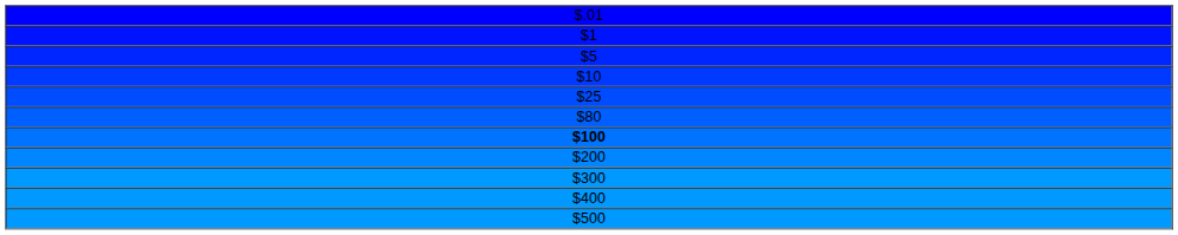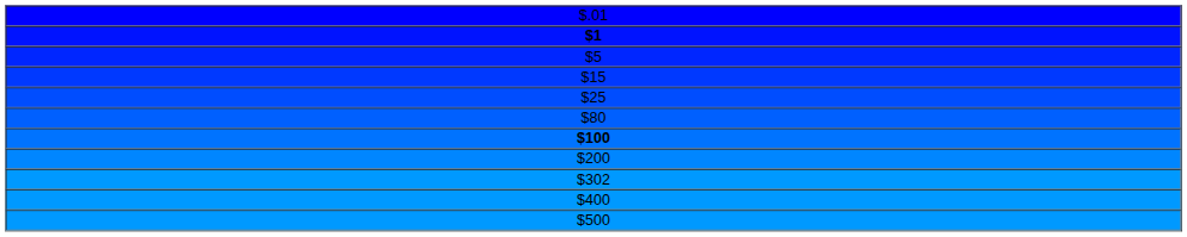 <table border=1 cellspacing=0 cellpadding=1 width=100%|->
 <tr>
 <td bgcolor="#0000FF" align=center><span>$.01</span></td>
 </tr>
 <tr>
-<td bgcolor="#0013FF" align=center><span>$1</span></td>
+<td bgcolor="#0013FF" align=center><strong><span>$1</span></strong></td>
 </tr>
 <tr>
 <td bgcolor="#0026FF" align=center><span>$5</span></td>
 </tr>
 <tr>
-<td bgcolor="#0039FF" align=center><span>$10</span></td>
+<td bgcolor="#0039FF" align=center><span>$15</span></td>
 </tr>
 <tr>
 <td bgcolor="#004DFF" align=center><span>$25</span></td>
 </tr>
 <tr>
 <td bgcolor="#0060FF" align=center><span>$80</span></td>
 </tr>
 <tr>
 <td bgcolor="#0073FF" align=center><strong><span>$100</span></strong></td>
 </tr>
 <tr>
 <td bgcolor="#0086FF" align=center><span>$200</span></td>
 </tr>
 <tr>
-<td bgcolor="#0099FF" align=center><span>$300</span></td>
+<td bgcolor="#0099FF" align=center><span>$302</span></td>
 </tr>
 <tr>
 <td bgcolor="#0099FF" align=center><span>$400</span></td>
 </tr>
 <tr>
 <td bgcolor="#0099FF" align=center><span>$500</span></td>
 </tr>
 <tr>
 </tr>
 </table>
